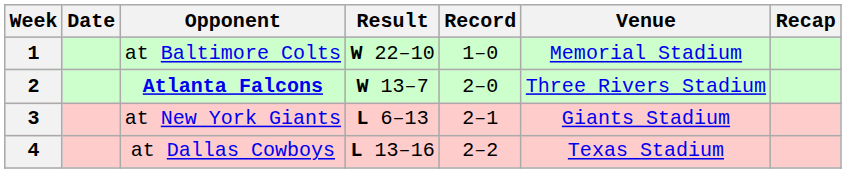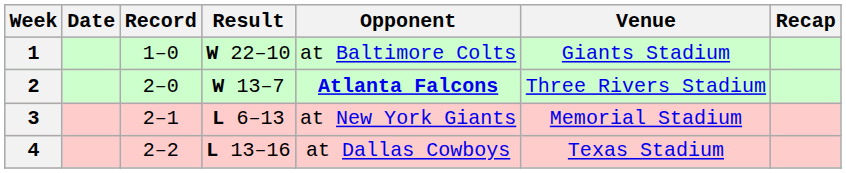 <table class="wikitable" style="text-align:center">
 <tr>
 <th>Week</th>
 <th>Date</th>
+<th>Record</th>
+<th>Result</th>
 <th>Opponent</th>
-<th>Result</th>
-<th>Record</th>
 <th>Venue</th>
 <th>Recap</th>
 </tr>
 <tr style="background:#cfc;">
 <th>1</th>
 <td></td>
+<td style="text-align:center;">1–0</td>
+<td style="text-align:center;"><strong>W</strong> 22–10</td>
 <td style="text-align:center;">at <a href='#'>Baltimore Colts</a></td>
-<td style="text-align:center;"><strong>W</strong> 22–10</td>
-<td style="text-align:center;">1–0</td>
-<td style="text-align:center;"><a href='#'>Memorial Stadium</a></td>
+<td style="text-align:center;"><a href='#'>Giants Stadium</a></td>
 <td style="text-align:center;"></td>
 </tr>
 <tr style="background:#cfc;">
 <th>2</th>
 <td></td>
+<td style="text-align:center;">2–0</td>
+<td style="text-align:center;"><strong>W</strong> 13–7</td>
 <td style="text-align:center;"><strong><a href='#'>Atlanta Falcons</a></strong></td>
-<td style="text-align:center;"><strong>W</strong> 13–7</td>
-<td style="text-align:center;">2–0</td>
 <td style="text-align:center;"><a href='#'>Three Rivers Stadium</a></td>
 <td style="text-align:center;"></td>
 </tr>
 <tr style="background:#fcc;">
 <th>3</th>
 <td></td>
+<td style="text-align:center;">2–1</td>
+<td style="text-align:center;"><strong>L</strong> 6–13</td>
 <td style="text-align:center;">at <a href='#'>New York Giants</a></td>
-<td style="text-align:center;"><strong>L</strong> 6–13</td>
-<td style="text-align:center;">2–1</td>
-<td style="text-align:center;"><a href='#'>Giants Stadium</a></td>
+<td style="text-align:center;"><a href='#'>Memorial Stadium</a></td>
 <td style="text-align:center;"></td>
 </tr>
 <tr style="background:#fcc;">
 <th>4</th>
 <td></td>
+<td style="text-align:center;">2–2</td>
+<td style="text-align:center;"><strong>L</strong> 13–16</td>
 <td style="text-align:center;">at <a href='#'>Dallas Cowboys</a></td>
-<td style="text-align:center;"><strong>L</strong> 13–16</td>
-<td style="text-align:center;">2–2</td>
 <td style="text-align:center;"><a href='#'>Texas Stadium</a></td>
 <td style="text-align:center;"></td>
 </tr>
 </table>
